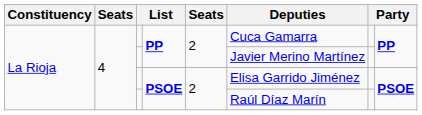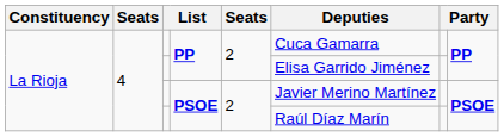 <table class="wikitable sortable">
 <tr>
 <th>Constituency</th>
 <th>Seats</th>
 <th colspan="2">List</th>
 <th>Seats</th>
 <th>Deputies</th>
 <th colspan="2">Party</th>
 </tr>
 <tr>
 <td rowspan="4"><a href='#'>La Rioja</a></td>
 <td rowspan="4">4</td>
 <td></td>
 <td rowspan="2"><strong><a href='#'>PP</a></strong></td>
 <td rowspan="2">2</td>
 <td><a href='#'>Cuca Gamarra</a></td>
 <td></td>
 <td rowspan="2"><strong><a href='#'>PP</a></strong></td>
 </tr>
 <tr>
 <td></td>
-<td><a href='#'>Javier Merino Martínez</a></td>
+<td><a href='#'>Elisa Garrido Jiménez</a></td>
 <td></td>
 </tr>
 <tr>
 <td></td>
 <td rowspan="2"><strong><a href='#'>PSOE</a></strong></td>
 <td rowspan="2">2</td>
-<td><a href='#'>Elisa Garrido Jiménez</a></td>
+<td><a href='#'>Javier Merino Martínez</a></td>
 <td></td>
 <td rowspan="2"><strong><a href='#'>PSOE</a></strong></td>
 </tr>
 <tr>
 <td></td>
 <td><a href='#'>Raúl Díaz Marín</a></td>
 <td></td>
 </tr>
 </table>
